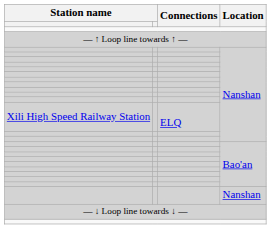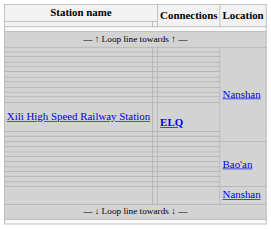 <table class="wikitable">
 <tr>
 <th colspan="2">Station name</th>
 <th rowspan="2">Connections</th>
 <th rowspan="2">Location</th>
 </tr>
 <tr>
 <th></th>
 <th></th>
 </tr>
 <tr style="background:#">
 <td colspan = "7"></td>
 </tr>
 <tr bgcolor="lightgrey">
 <td colspan="7" style="font-size:85%; text-align:center;">— ↑ Loop line towards  ↑ —</td>
 </tr>
 <tr bgcolor="lightgrey">
 <td></td>
 <td></td>
 <td></td>
 <td rowspan=14><a href='#'>Nanshan</a></td>
 </tr>
 <tr bgcolor="lightgrey">
 <td></td>
 <td></td>
 <td></td>
 </tr>
 <tr bgcolor="lightgrey">
 <td></td>
 <td></td>
 <td></td>
 </tr>
 <tr bgcolor="lightgrey">
 <td></td>
 <td></td>
 <td></td>
 </tr>
 <tr bgcolor="lightgrey">
 <td></td>
 <td></td>
 <td></td>
 </tr>
 <tr bgcolor="lightgrey">
 <td></td>
 <td></td>
 <td></td>
 </tr>
 <tr bgcolor="lightgrey">
 <td></td>
 <td></td>
 <td></td>
 </tr>
 <tr bgcolor="lightgrey">
 <td></td>
 <td></td>
 <td></td>
 </tr>
 <tr bgcolor="lightgrey">
 <td></td>
 <td></td>
 <td></td>
 </tr>
 <tr bgcolor="lightgrey">
 <td></td>
 <td></td>
 <td></td>
 </tr>
 <tr bgcolor="lightgrey">
 <td></td>
 <td></td>
 <td></td>
 </tr>
 <tr bgcolor="lightgrey">
 <td><a href='#'>Xili High Speed Railway Station</a></td>
 <td></td>
-<td>  <br> <a href='#'>ELQ</a></td>
+<td><strong>  <br> <a href='#'>ELQ</a></strong></td>
 </tr>
 <tr bgcolor="lightgrey">
 <td></td>
 <td></td>
 <td></td>
 </tr>
 <tr bgcolor="lightgrey">
 <td></td>
 <td></td>
 <td></td>
 </tr>
 <tr bgcolor="lightgrey">
 <td></td>
 <td></td>
 <td></td>
 <td rowspan=9><a href='#'>Bao'an</a></td>
 </tr>
 <tr bgcolor="lightgrey">
 <td></td>
 <td></td>
 <td></td>
 </tr>
 <tr bgcolor="lightgrey">
 <td></td>
 <td></td>
 <td></td>
 </tr>
 <tr bgcolor="lightgrey">
 <td></td>
 <td></td>
 <td></td>
 </tr>
 <tr bgcolor="lightgrey">
 <td></td>
 <td></td>
 <td></td>
 </tr>
 <tr bgcolor="lightgrey">
 <td></td>
 <td></td>
 <td></td>
 </tr>
 <tr bgcolor="lightgrey">
 <td></td>
 <td></td>
 <td></td>
 </tr>
 <tr bgcolor="lightgrey">
 <td></td>
 <td></td>
 <td></td>
 </tr>
 <tr bgcolor="lightgrey">
 <td></td>
 <td></td>
 <td></td>
 </tr>
 <tr bgcolor="lightgrey">
 <td></td>
 <td></td>
 <td></td>
 <td><a href='#'>Nanshan</a></td>
 </tr>
 <tr bgcolor="lightgrey">
 <td colspan="7" style="font-size:85%; text-align:center;">— ↓ Loop line towards  ↓ —</td>
 </tr>
 <tr style="background:#">
 <td colspan = "7"></td>
 </tr>
 </table>
